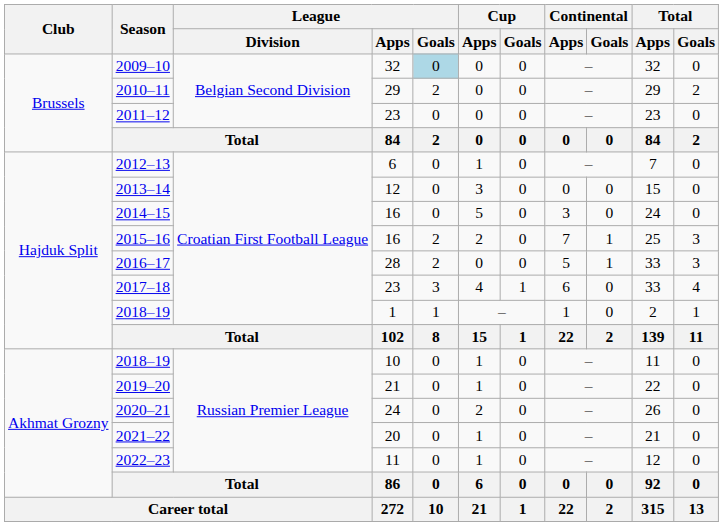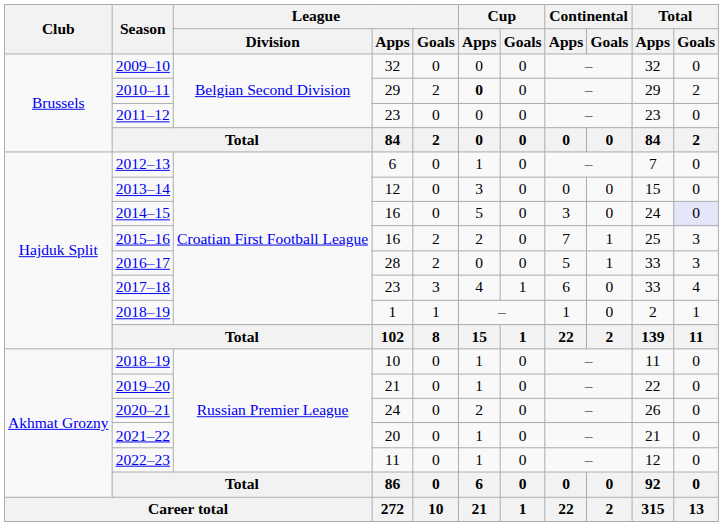 <table class="wikitable" style="text-align: center;">
 <tr>
 <th rowspan=2>Club</th>
 <th rowspan=2>Season</th>
 <th colspan=3>League</th>
 <th colspan=2>Cup</th>
 <th colspan=2>Continental</th>
 <th colspan=2>Total</th>
 </tr>
 <tr>
 <th>Division</th>
 <th>Apps</th>
 <th>Goals</th>
 <th>Apps</th>
 <th>Goals</th>
 <th>Apps</th>
 <th>Goals</th>
 <th>Apps</th>
 <th>Goals</th>
 </tr>
 <tr>
 <td rowspan=4><a href='#'>Brussels</a></td>
 <td><a href='#'>2009–10</a></td>
 <td rowspan=3><a href='#'>Belgian Second Division</a></td>
 <td>32</td>
-<td style="background: lightblue;">0</td>
+<td>0</td>
 <td>0</td>
 <td>0</td>
 <td colspan=2>–</td>
 <td>32</td>
 <td>0</td>
 </tr>
 <tr>
 <td><a href='#'>2010–11</a></td>
 <td>29</td>
 <td>2</td>
-<td>0</td>
+<td><strong>0</strong></td>
 <td>0</td>
 <td colspan=2>–</td>
 <td>29</td>
 <td>2</td>
 </tr>
 <tr>
 <td><a href='#'>2011–12</a></td>
 <td>23</td>
 <td>0</td>
 <td>0</td>
 <td>0</td>
 <td colspan=2>–</td>
 <td>23</td>
 <td>0</td>
 </tr>
 <tr>
 <th colspan=2>Total</th>
 <th>84</th>
 <th>2</th>
 <th>0</th>
 <th>0</th>
 <th>0</th>
 <th>0</th>
 <th>84</th>
 <th>2</th>
 </tr>
 <tr>
 <td rowspan=8><a href='#'>Hajduk Split</a></td>
 <td><a href='#'>2012–13</a></td>
 <td rowspan=7><a href='#'>Croatian First Football League</a></td>
 <td>6</td>
 <td>0</td>
 <td>1</td>
 <td>0</td>
 <td colspan=2>–</td>
 <td>7</td>
 <td>0</td>
 </tr>
 <tr>
 <td><a href='#'>2013–14</a></td>
 <td>12</td>
 <td>0</td>
 <td>3</td>
 <td>0</td>
 <td>0</td>
 <td>0</td>
 <td>15</td>
 <td>0</td>
 </tr>
 <tr>
 <td><a href='#'>2014–15</a></td>
 <td>16</td>
 <td>0</td>
 <td>5</td>
 <td>0</td>
 <td>3</td>
 <td>0</td>
 <td>24</td>
-<td>0</td>
+<td style="background: lavender;">0</td>
 </tr>
 <tr>
 <td><a href='#'>2015–16</a></td>
 <td>16</td>
 <td>2</td>
 <td>2</td>
 <td>0</td>
 <td>7</td>
 <td>1</td>
 <td>25</td>
 <td>3</td>
 </tr>
 <tr>
 <td><a href='#'>2016–17</a></td>
 <td>28</td>
 <td>2</td>
 <td>0</td>
 <td>0</td>
 <td>5</td>
 <td>1</td>
 <td>33</td>
 <td>3</td>
 </tr>
 <tr>
 <td><a href='#'>2017–18</a></td>
 <td>23</td>
 <td>3</td>
 <td>4</td>
 <td>1</td>
 <td>6</td>
 <td>0</td>
 <td>33</td>
 <td>4</td>
 </tr>
 <tr>
 <td><a href='#'>2018–19</a></td>
 <td>1</td>
 <td>1</td>
 <td colspan=2>–</td>
 <td>1</td>
 <td>0</td>
 <td>2</td>
 <td>1</td>
 </tr>
 <tr>
 <th colspan=2>Total</th>
 <th>102</th>
 <th>8</th>
 <th>15</th>
 <th>1</th>
 <th>22</th>
 <th>2</th>
 <th>139</th>
 <th>11</th>
 </tr>
 <tr>
 <td rowspan="6"><a href='#'>Akhmat Grozny</a></td>
 <td><a href='#'>2018–19</a></td>
 <td rowspan="5"><a href='#'>Russian Premier League</a></td>
 <td>10</td>
 <td>0</td>
 <td>1</td>
 <td>0</td>
 <td colspan=2>–</td>
 <td>11</td>
 <td>0</td>
 </tr>
 <tr>
 <td><a href='#'>2019–20</a></td>
 <td>21</td>
 <td>0</td>
 <td>1</td>
 <td>0</td>
 <td colspan=2>–</td>
 <td>22</td>
 <td>0</td>
 </tr>
 <tr>
 <td><a href='#'>2020–21</a></td>
 <td>24</td>
 <td>0</td>
 <td>2</td>
 <td>0</td>
 <td colspan=2>–</td>
 <td>26</td>
 <td>0</td>
 </tr>
 <tr>
 <td><a href='#'>2021–22</a></td>
 <td>20</td>
 <td>0</td>
 <td>1</td>
 <td>0</td>
 <td colspan=2>–</td>
 <td>21</td>
 <td>0</td>
 </tr>
 <tr>
 <td><a href='#'>2022–23</a></td>
 <td>11</td>
 <td>0</td>
 <td>1</td>
 <td>0</td>
 <td colspan=2>–</td>
 <td>12</td>
 <td>0</td>
 </tr>
 <tr>
 <th colspan=2>Total</th>
 <th>86</th>
 <th>0</th>
 <th>6</th>
 <th>0</th>
 <th>0</th>
 <th>0</th>
 <th>92</th>
 <th>0</th>
 </tr>
 <tr>
 <th colspan=3>Career total</th>
 <th>272</th>
 <th>10</th>
 <th>21</th>
 <th>1</th>
 <th>22</th>
 <th>2</th>
 <th>315</th>
 <th>13</th>
 </tr>
 <tr>
 </tr>
 </table>
